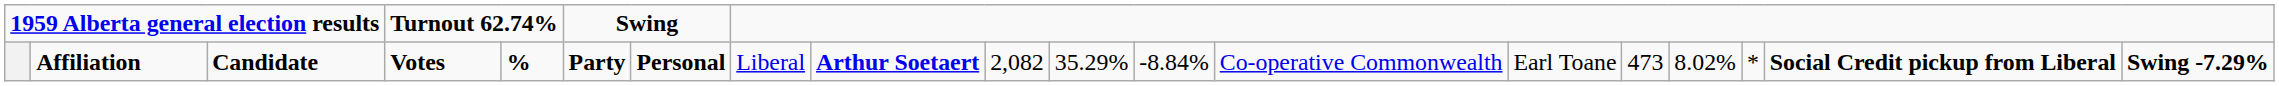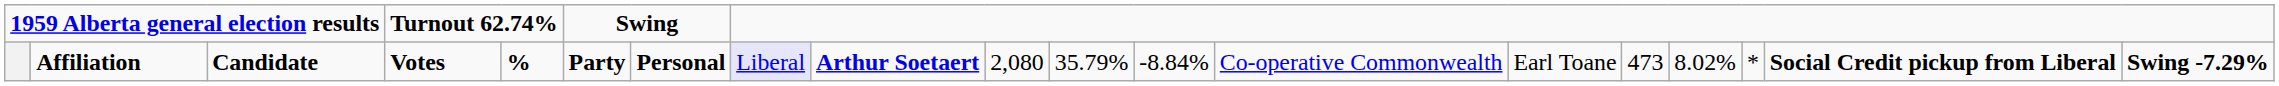 <table class="wikitable">
 <tr>
 <td colspan="3" align=center><strong><a href='#'>1959 Alberta general election</a> results</strong></td>
 <td colspan="2"><strong>Turnout 62.74%</strong></td>
 <td colspan="2" align=center><strong>Swing</strong></td>
 </tr>
 <tr>
 <th style="width: 10px;"></th>
 <td><strong>Affiliation</strong></td>
 <td><strong>Candidate</strong></td>
 <td><strong>Votes</strong></td>
 <td><strong>%</strong></td>
 <td><strong>Party</strong></td>
 <td><strong>Personal</strong><br> </td>
-<td><a href='#'>Liberal</a></td>
+<td style="background: lavender;"><a href='#'>Liberal</a></td>
 <td><strong><a href='#'>Arthur Soetaert</a></strong></td>
-<td>2,082</td>
-<td>35.29%</td>
+<td>2,080</td>
+<td>35.79%</td>
 <td colspan=2 align=center>-8.84%<br> </td>
 <td><a href='#'>Co-operative Commonwealth</a></td>
 <td>Earl Toane</td>
 <td>473</td>
 <td>8.02%</td>
 <td colspan=2 align=center>*<br>   </td>
 <td colspan=4><strong>Social Credit pickup from Liberal</strong></td>
 <td colspan=2><strong>Swing -7.29%</strong></td>
 </tr>
 </table>
